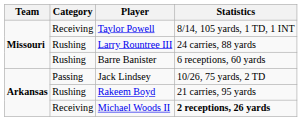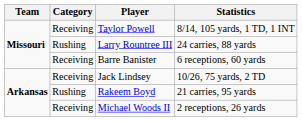 <table class="wikitable" style="float: right;">
 <tr>
 <th>Team</th>
 <th>Category</th>
 <th>Player</th>
 <th>Statistics</th>
 </tr>
 <tr>
 <td rowspan=3><strong>Missouri</strong></td>
 <td>Receiving</td>
 <td><a href='#'>Taylor Powell</a></td>
 <td>8/14, 105 yards, 1 TD, 1 INT</td>
 </tr>
 <tr>
 <td>Rushing</td>
 <td><a href='#'>Larry Rountree III</a></td>
 <td>24 carries, 88 yards</td>
 </tr>
 <tr>
-<td>Rushing</td>
+<td>Receiving</td>
 <td>Barre Banister</td>
 <td>6 receptions, 60 yards</td>
 </tr>
 <tr>
 <td rowspan=3><strong>Arkansas</strong></td>
-<td>Passing</td>
+<td>Receiving</td>
 <td>Jack Lindsey</td>
 <td>10/26, 75 yards, 2 TD</td>
 </tr>
 <tr>
 <td>Rushing</td>
 <td><a href='#'>Rakeem Boyd</a></td>
 <td>21 carries, 95 yards</td>
 </tr>
 <tr>
 <td>Receiving</td>
 <td><a href='#'>Michael Woods II</a></td>
-<td><strong>2 receptions, 26 yards</strong></td>
+<td>2 receptions, 26 yards</td>
 </tr>
 </table>
